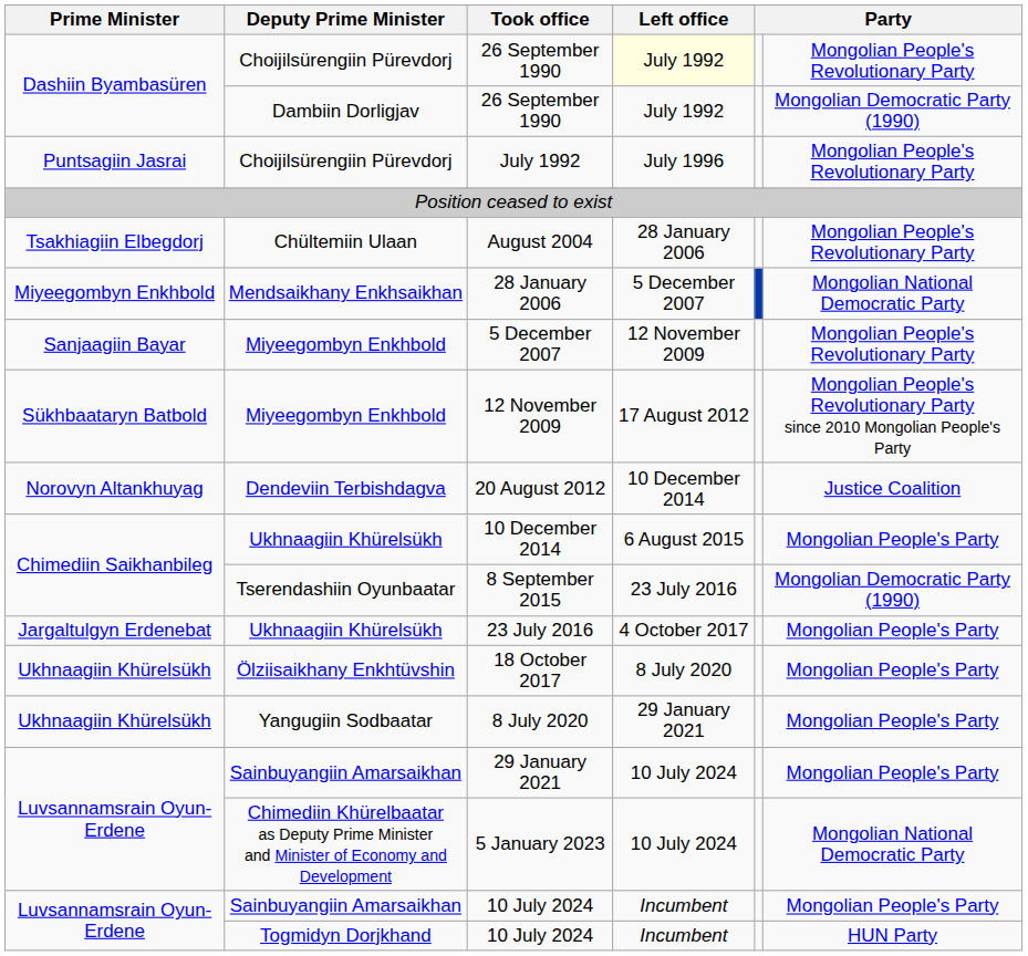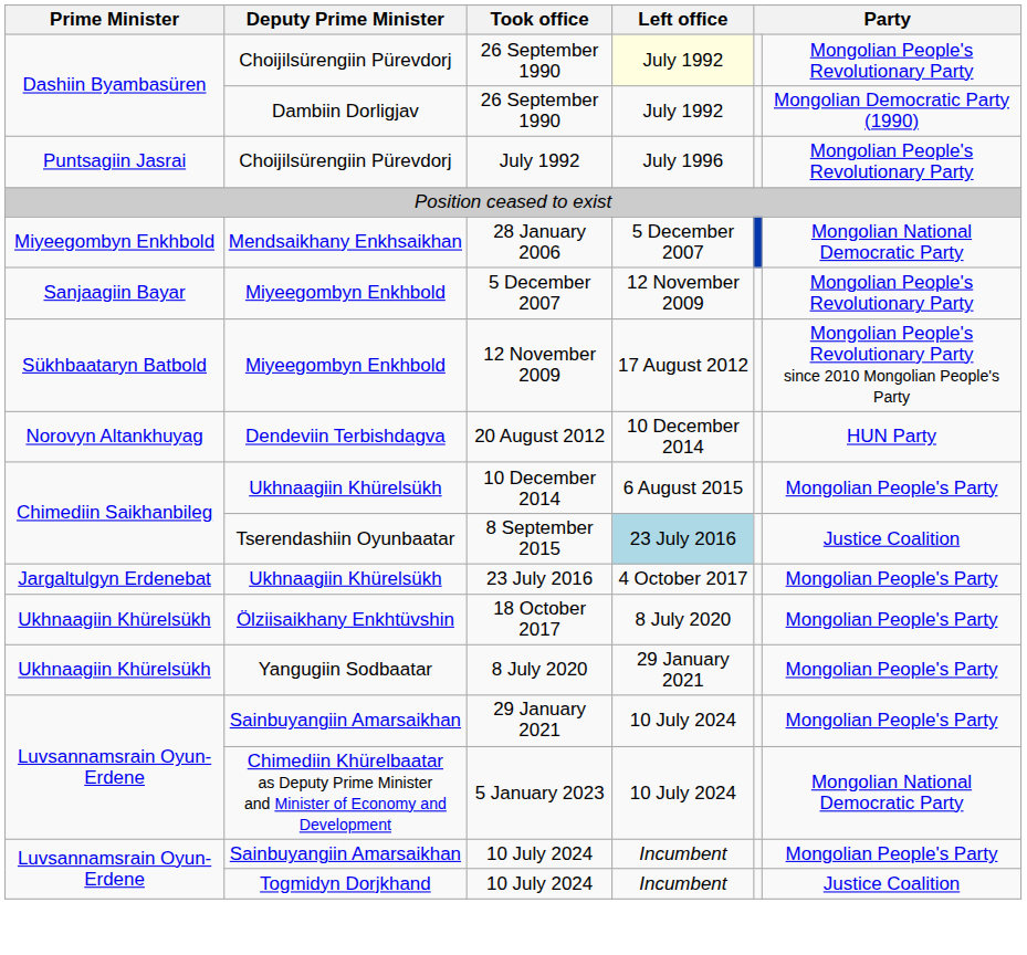 <table class="wikitable">
 <tr>
 <th>Prime Minister</th>
 <th>Deputy Prime Minister</th>
 <th>Took office</th>
 <th>Left office</th>
 <th colspan="2" scope="col">Party</th>
 </tr>
 <tr style="text-align: center;">
 <td rowspan="2"><a href='#'>Dashiin Byambasüren</a></td>
 <td>Choijilsürengiin Pürevdorj</td>
 <td>26 September 1990</td>
 <td style="background: lightyellow;">July 1992</td>
 <td style="background:"></td>
 <td><a href='#'>Mongolian People's Revolutionary Party</a></td>
 </tr>
 <tr style="text-align: center;">
 <td>Dambiin Dorligjav</td>
 <td>26 September 1990</td>
 <td>July 1992</td>
 <td style="background:"></td>
 <td><a href='#'>Mongolian Democratic Party (1990)</a></td>
 </tr>
 <tr style="text-align: center;">
 <td><a href='#'>Puntsagiin Jasrai</a></td>
 <td>Choijilsürengiin Pürevdorj</td>
 <td>July 1992</td>
 <td>July 1996</td>
 <td style="background:"></td>
 <td><a href='#'>Mongolian People's Revolutionary Party</a></td>
 </tr>
 <tr style="text-align: center;">
 <td colspan="6" style="background:#ccc;"><em>Position ceased to exist</em></td>
 </tr>
 <tr style="text-align: center;">
-<td><a href='#'>Tsakhiagiin Elbegdorj</a></td>
-<td>Chültemiin Ulaan</td>
-<td>August 2004</td>
-<td>28 January 2006</td>
-<td style="background:"></td>
-<td><a href='#'>Mongolian People's Revolutionary Party</a></td>
-</tr>
-<tr style="text-align: center;">
 <td><a href='#'>Miyeegombyn Enkhbold</a></td>
 <td><a href='#'>Mendsaikhany Enkhsaikhan</a></td>
 <td>28 January 2006</td>
 <td>5 December 2007</td>
 <td style="background:#0437AC;"></td>
 <td><a href='#'>Mongolian National Democratic Party</a></td>
 </tr>
 <tr style="text-align: center;">
 <td><a href='#'>Sanjaagiin Bayar</a></td>
 <td><a href='#'>Miyeegombyn Enkhbold</a></td>
 <td>5 December 2007</td>
 <td>12 November 2009</td>
 <td style="background:"></td>
 <td><a href='#'>Mongolian People's Revolutionary Party</a></td>
 </tr>
 <tr style="text-align: center;">
 <td><a href='#'>Sükhbaataryn Batbold</a></td>
 <td><a href='#'>Miyeegombyn Enkhbold</a></td>
 <td>12 November 2009</td>
 <td>17 August 2012</td>
 <td style="background:"></td>
 <td><a href='#'>Mongolian People's Revolutionary Party</a><br><small>since 2010 Mongolian People's Party</small></td>
 </tr>
 <tr style="text-align: center;">
 <td><a href='#'>Norovyn Altankhuyag</a></td>
 <td><a href='#'>Dendeviin Terbishdagva</a></td>
 <td>20 August 2012</td>
 <td>10 December 2014</td>
 <td style="background:"></td>
-<td><a href='#'>Justice Coalition</a></td>
+<td><a href='#'>HUN Party</a></td>
 </tr>
 <tr style="text-align: center;">
 <td rowspan="2"><a href='#'>Chimediin Saikhanbileg</a></td>
 <td><a href='#'>Ukhnaagiin Khürelsükh</a></td>
 <td>10 December 2014</td>
 <td>6 August 2015</td>
 <td style="background:"></td>
 <td><a href='#'>Mongolian People's Party</a></td>
 </tr>
 <tr style="text-align: center;">
 <td>Tserendashiin Oyunbaatar</td>
 <td>8 September 2015</td>
-<td>23 July 2016</td>
+<td style="background: lightblue;">23 July 2016</td>
 <td style="background:"></td>
-<td><a href='#'>Mongolian Democratic Party (1990)</a></td>
+<td><a href='#'>Justice Coalition</a></td>
 </tr>
 <tr style="text-align: center;">
 <td><a href='#'>Jargaltulgyn Erdenebat</a></td>
 <td><a href='#'>Ukhnaagiin Khürelsükh</a></td>
 <td>23 July 2016</td>
 <td>4 October 2017</td>
 <td style="background:"></td>
 <td><a href='#'>Mongolian People's Party</a></td>
 </tr>
 <tr style="text-align: center;">
 <td><a href='#'>Ukhnaagiin Khürelsükh</a></td>
 <td><a href='#'>Ölziisaikhany Enkhtüvshin</a></td>
 <td>18 October 2017</td>
 <td>8 July 2020</td>
 <td style="background:"></td>
 <td><a href='#'>Mongolian People's Party</a></td>
 </tr>
 <tr style="text-align: center;">
 <td><a href='#'>Ukhnaagiin Khürelsükh</a></td>
 <td>Yangugiin Sodbaatar</td>
 <td>8 July 2020</td>
 <td>29 January 2021</td>
 <td style="background:"></td>
 <td><a href='#'>Mongolian People's Party</a></td>
 </tr>
 <tr style="text-align: center;">
 <td rowspan="2"><a href='#'>Luvsannamsrain Oyun-Erdene</a></td>
 <td><a href='#'>Sainbuyangiin Amarsaikhan</a></td>
 <td>29 January 2021</td>
 <td>10 July 2024</td>
 <td style="background:"></td>
 <td><a href='#'>Mongolian People's Party</a></td>
 </tr>
 <tr style="text-align: center;">
 <td><a href='#'>Chimediin Khürelbaatar</a><br><small>as Deputy Prime Minister<br>and <a href='#'>Minister of Economy and Development</a></small></td>
 <td>5 January 2023</td>
 <td>10 July 2024</td>
 <td style="background:"></td>
 <td><a href='#'>Mongolian National Democratic Party</a></td>
 </tr>
 <tr style="text-align: center;">
 <td rowspan="2"><a href='#'>Luvsannamsrain Oyun-Erdene</a></td>
 <td><a href='#'>Sainbuyangiin Amarsaikhan</a></td>
 <td>10 July 2024</td>
 <td><em>Incumbent</em></td>
 <td style="background:"></td>
 <td><a href='#'>Mongolian People's Party</a></td>
 </tr>
 <tr style="text-align: center;">
 <td><a href='#'>Togmidyn Dorjkhand</a></td>
 <td>10 July 2024</td>
 <td><em>Incumbent</em></td>
 <td style="background:"></td>
-<td><a href='#'>HUN Party</a></td>
+<td><a href='#'>Justice Coalition</a></td>
 </tr>
 </table>
